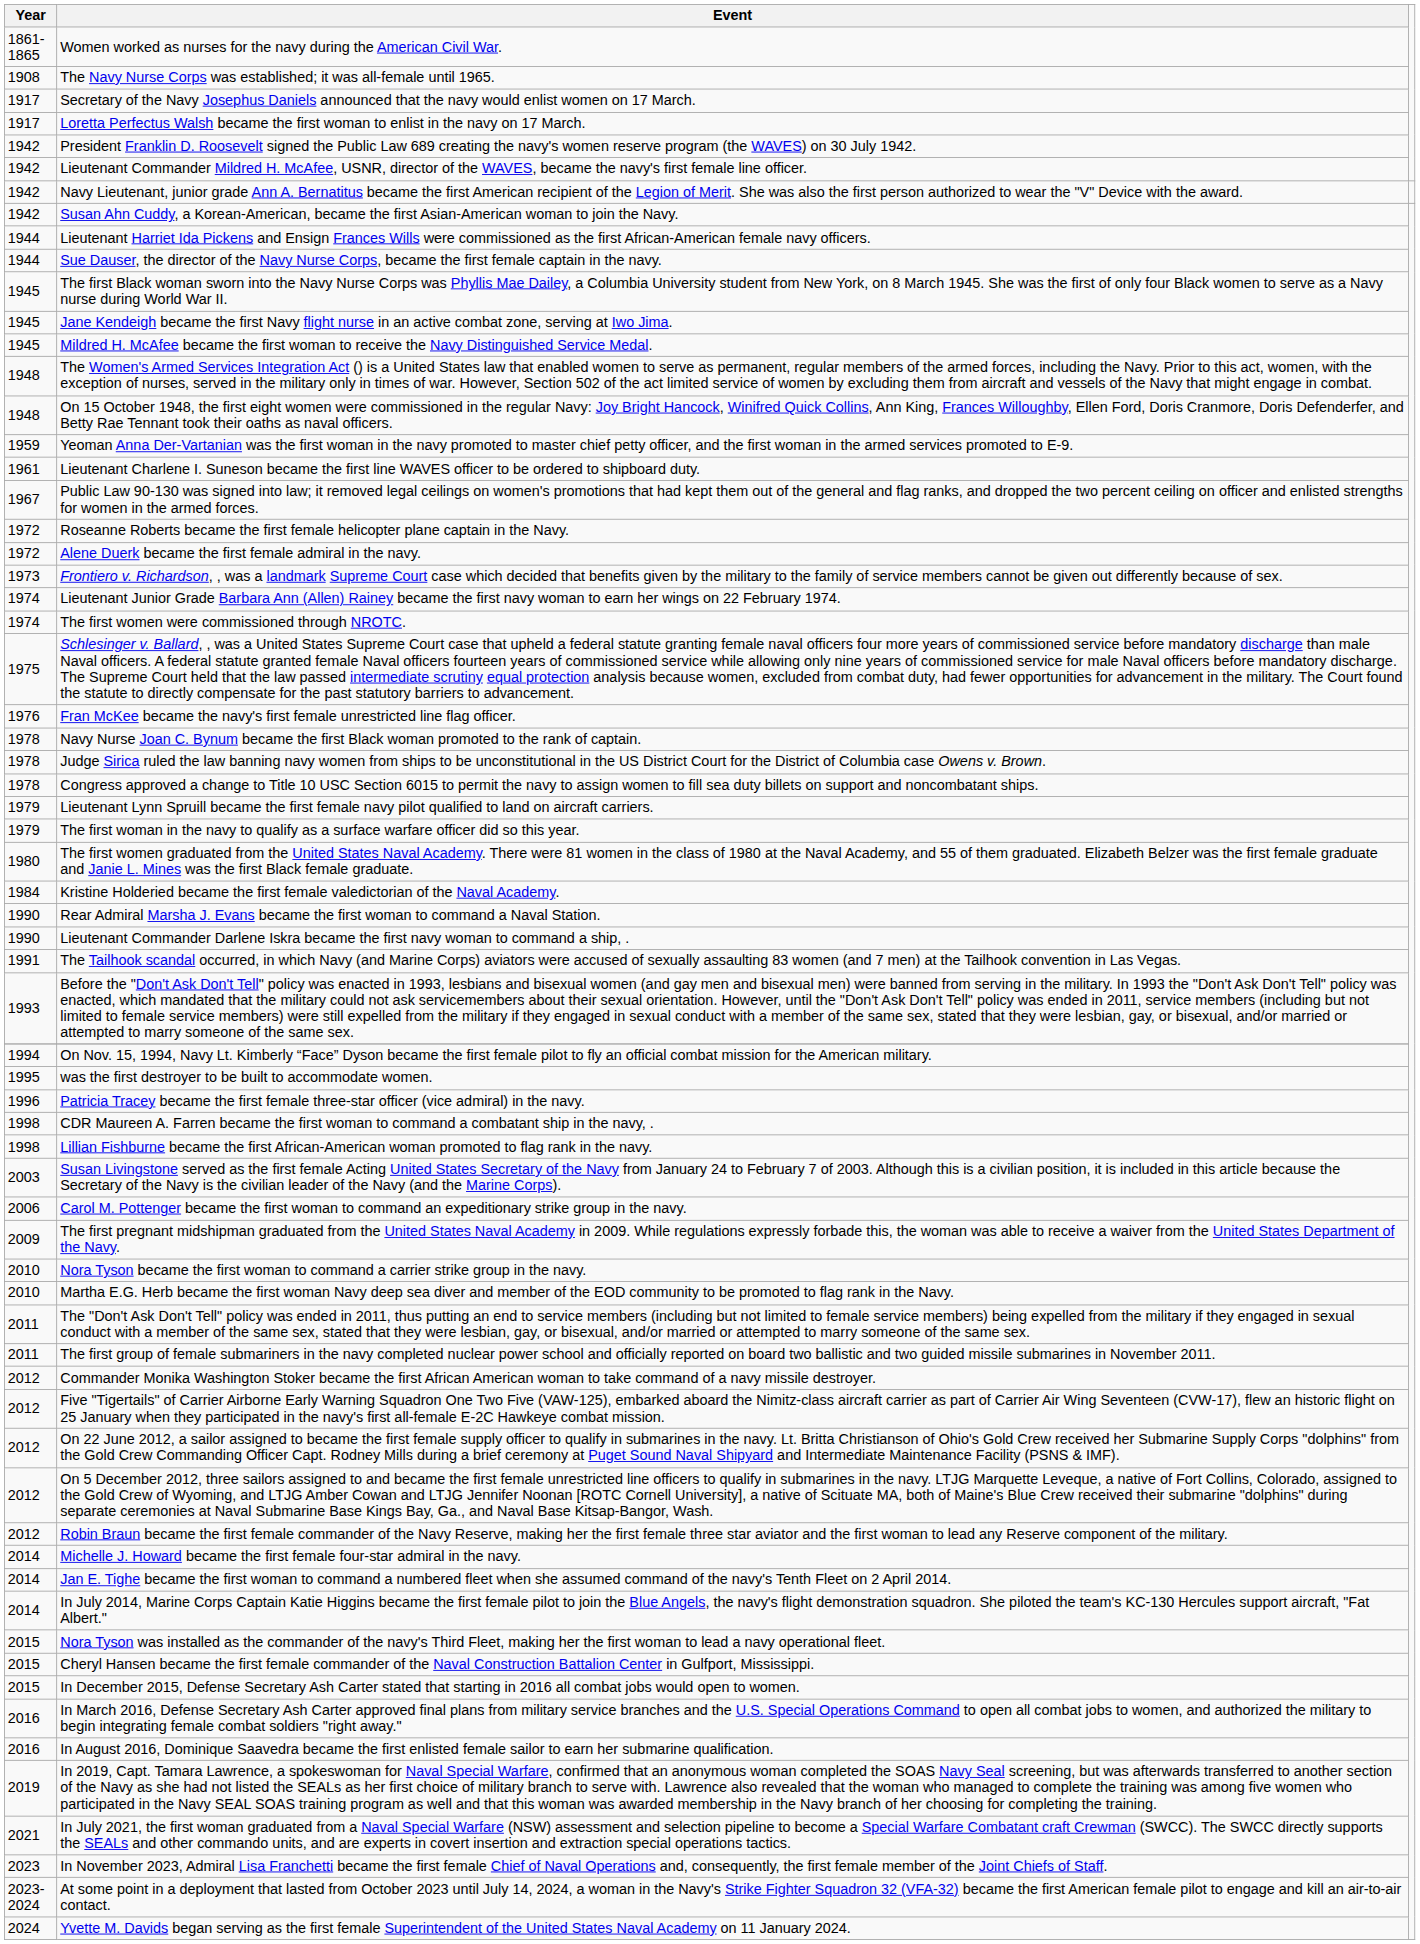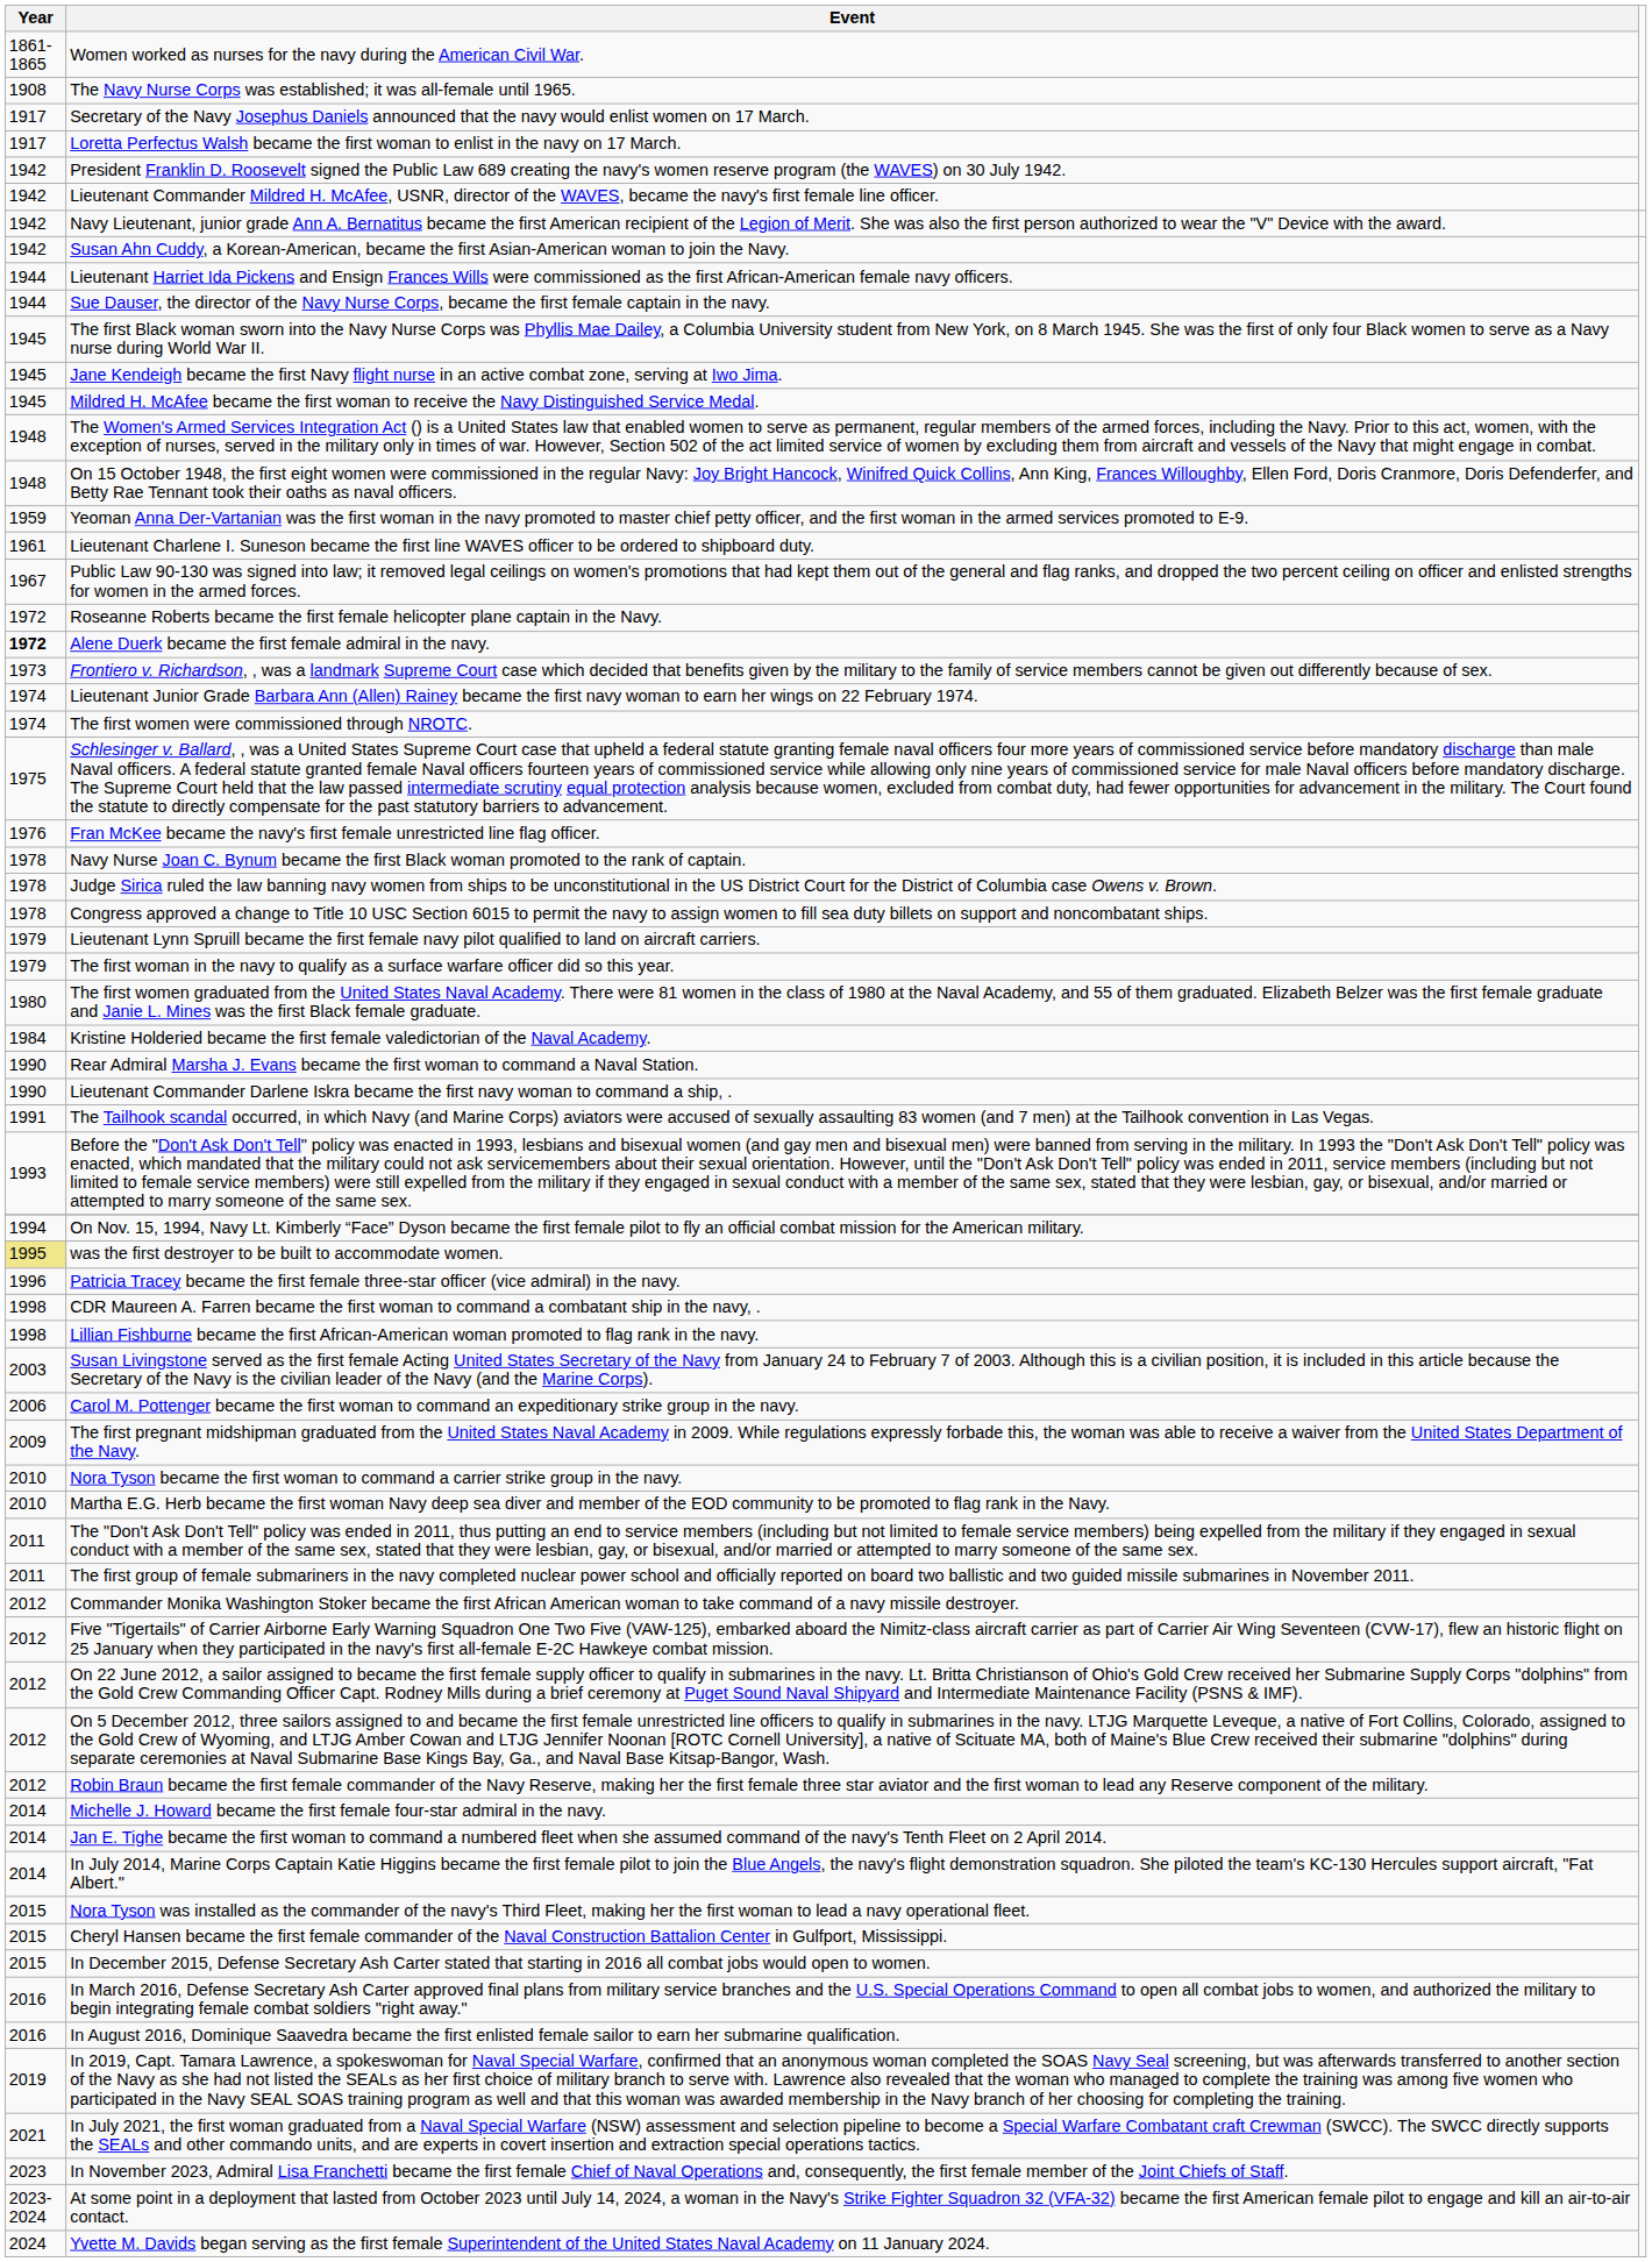 <table class="wikitable">
 <tr>
 <th>Year</th>
 <th>Event</th>
 </tr>
 <tr>
 <td>1861-1865</td>
 <td>Women worked as nurses for the navy during the <a href='#'>American Civil War</a>.</td>
 </tr>
 <tr>
 <td>1908</td>
 <td>The <a href='#'>Navy Nurse Corps</a> was established; it was all-female until 1965.</td>
 </tr>
 <tr>
 <td>1917</td>
 <td>Secretary of the Navy <a href='#'>Josephus Daniels</a> announced that the navy would enlist women on 17 March.</td>
 </tr>
 <tr>
 <td>1917</td>
 <td><a href='#'>Loretta Perfectus Walsh</a> became the first woman to enlist in the navy on 17 March.</td>
 </tr>
 <tr>
 <td>1942</td>
 <td>President <a href='#'>Franklin D. Roosevelt</a> signed the Public Law 689 creating the navy's women reserve program (the <a href='#'>WAVES</a>) on 30 July 1942.</td>
 </tr>
 <tr>
 <td>1942</td>
 <td>Lieutenant Commander <a href='#'>Mildred H. McAfee</a>, USNR, director of the <a href='#'>WAVES</a>, became the navy's first female line officer.</td>
 </tr>
 <tr>
 <td>1942</td>
 <td>Navy Lieutenant, junior grade <a href='#'>Ann A. Bernatitus</a> became the first American recipient of the <a href='#'>Legion of Merit</a>. She was also the first person authorized to wear the "V" Device with the award.</td>
 <td></td>
 </tr>
 <tr>
 <td>1942</td>
 <td><a href='#'>Susan Ahn Cuddy</a>, a Korean-American, became the first Asian-American woman to join the Navy.</td>
 </tr>
 <tr>
 <td>1944</td>
 <td>Lieutenant <a href='#'>Harriet Ida Pickens</a> and Ensign <a href='#'>Frances Wills</a> were commissioned as the first African-American female navy officers.</td>
 </tr>
 <tr>
 <td>1944</td>
 <td><a href='#'>Sue Dauser</a>, the director of the <a href='#'>Navy Nurse Corps</a>, became the first female captain in the navy.</td>
 </tr>
 <tr>
 <td>1945</td>
 <td>The first Black woman sworn into the Navy Nurse Corps was <a href='#'>Phyllis Mae Dailey</a>, a Columbia University student from New York, on 8 March 1945. She was the first of only four Black women to serve as a Navy nurse during World War II.</td>
 </tr>
 <tr>
 <td>1945</td>
 <td><a href='#'>Jane Kendeigh</a> became the first Navy <a href='#'>flight nurse</a> in an active combat zone, serving at <a href='#'>Iwo Jima</a>.</td>
 </tr>
 <tr>
 <td>1945</td>
 <td><a href='#'>Mildred H. McAfee</a> became the first woman to receive the <a href='#'>Navy Distinguished Service Medal</a>.</td>
 </tr>
 <tr>
 <td>1948</td>
 <td>The <a href='#'>Women's Armed Services Integration Act</a> () is a United States law that enabled women to serve as permanent, regular members of the armed forces, including the Navy. Prior to this act, women, with the exception of nurses, served in the military only in times of war. However, Section 502 of the act limited service of women by excluding them from aircraft and vessels of the Navy that might engage in combat.</td>
 </tr>
 <tr>
 <td>1948</td>
 <td>On 15 October 1948, the first eight women were commissioned in the regular Navy: <a href='#'>Joy Bright Hancock</a>, <a href='#'>Winifred Quick Collins</a>, Ann King, <a href='#'>Frances Willoughby</a>, Ellen Ford, Doris Cranmore, Doris Defenderfer, and Betty Rae Tennant took their oaths as naval officers.</td>
 </tr>
 <tr>
 <td>1959</td>
 <td>Yeoman <a href='#'>Anna Der-Vartanian</a> was the first woman in the navy promoted to master chief petty officer, and the first woman in the armed services promoted to E-9.</td>
 </tr>
 <tr>
 <td>1961</td>
 <td>Lieutenant Charlene I. Suneson became the first line WAVES officer to be ordered to shipboard duty.</td>
 </tr>
 <tr>
 <td>1967</td>
 <td>Public Law 90-130 was signed into law; it removed legal ceilings on women's promotions that had kept them out of the general and flag ranks, and dropped the two percent ceiling on officer and enlisted strengths for women in the armed forces.</td>
 </tr>
 <tr>
 <td>1972</td>
 <td>Roseanne Roberts became the first female helicopter plane captain in the Navy.</td>
 </tr>
 <tr>
-<td>1972</td>
+<td><strong>1972</strong></td>
 <td><a href='#'>Alene Duerk</a> became the first female admiral in the navy.</td>
 </tr>
 <tr>
 <td>1973</td>
 <td><em><a href='#'>Frontiero v. Richardson</a></em>, , was a <a href='#'>landmark</a> <a href='#'>Supreme Court</a> case which decided that benefits given by the military to the family of service members cannot be given out differently because of sex.</td>
 </tr>
 <tr>
 <td>1974</td>
 <td>Lieutenant Junior Grade <a href='#'>Barbara Ann (Allen) Rainey</a> became the first navy woman to earn her wings on 22 February 1974.</td>
 </tr>
 <tr>
 <td>1974</td>
 <td>The first women were commissioned through <a href='#'>NROTC</a>.</td>
 </tr>
 <tr>
 <td>1975</td>
 <td><em><a href='#'>Schlesinger v. Ballard</a></em>, , was a United States Supreme Court case that upheld a federal statute granting female naval officers four more years of commissioned service before mandatory <a href='#'>discharge</a> than male Naval officers. A federal statute granted female Naval officers fourteen years of commissioned service while allowing only nine years of commissioned service for male Naval officers before mandatory discharge. The Supreme Court held that the law passed <a href='#'>intermediate scrutiny</a> <a href='#'>equal protection</a> analysis because women, excluded from combat duty, had fewer opportunities for advancement in the military. The Court found the statute to directly compensate for the past statutory barriers to advancement.</td>
 </tr>
 <tr>
 <td>1976</td>
 <td><a href='#'>Fran McKee</a> became the navy's first female unrestricted line flag officer.</td>
 </tr>
 <tr>
 <td>1978</td>
 <td>Navy Nurse <a href='#'>Joan C. Bynum</a> became the first Black woman promoted to the rank of captain.</td>
 </tr>
 <tr>
 <td>1978</td>
 <td>Judge <a href='#'>Sirica</a> ruled the law banning navy women from ships to be unconstitutional in the US District Court for the District of Columbia case <em>Owens v. Brown</em>.</td>
 </tr>
 <tr>
 <td>1978</td>
 <td>Congress approved a change to Title 10 USC Section 6015 to permit the navy to assign women to fill sea duty billets on support and noncombatant ships.</td>
 </tr>
 <tr>
 <td>1979</td>
 <td>Lieutenant Lynn Spruill became the first female navy pilot qualified to land on aircraft carriers.</td>
 </tr>
 <tr>
 <td>1979</td>
 <td>The first woman in the navy to qualify as a surface warfare officer did so this year.</td>
 </tr>
 <tr>
 <td>1980</td>
 <td>The first women graduated from the <a href='#'>United States Naval Academy</a>. There were 81 women in the class of 1980 at the Naval Academy, and 55 of them graduated. Elizabeth Belzer was the first female graduate and <a href='#'>Janie L. Mines</a> was the first Black female graduate.</td>
 </tr>
 <tr>
 <td>1984</td>
 <td>Kristine Holderied became the first female valedictorian of the <a href='#'>Naval Academy</a>.</td>
 </tr>
 <tr>
 <td>1990</td>
 <td>Rear Admiral <a href='#'>Marsha J. Evans</a> became the first woman to command a Naval Station.</td>
 </tr>
 <tr>
 <td>1990</td>
 <td>Lieutenant Commander Darlene Iskra  became the first navy woman to command a ship, .</td>
 </tr>
 <tr>
 <td>1991</td>
 <td>The <a href='#'>Tailhook scandal</a> occurred, in which Navy (and Marine Corps) aviators were accused of sexually assaulting 83 women (and 7 men) at the Tailhook convention in Las Vegas.</td>
 </tr>
 <tr>
 <td>1993</td>
 <td>Before the "<a href='#'>Don't Ask Don't Tell</a>" policy was enacted in 1993, lesbians and bisexual women (and gay men and bisexual men) were banned from serving in the military. In 1993 the "Don't Ask Don't Tell" policy was enacted, which mandated that the military could not ask servicemembers about their sexual orientation. However, until the "Don't Ask Don't Tell" policy was ended in 2011, service members (including but not limited to female service members) were still expelled from the military if they engaged in sexual conduct with a member of the same sex, stated that they were lesbian, gay, or bisexual, and/or married or attempted to marry someone of the same sex.</td>
 </tr>
 <tr>
 </tr>
 <tr>
 <td>1994</td>
 <td>On Nov. 15, 1994, Navy Lt. Kimberly “Face” Dyson became the first female pilot to fly an official combat mission for the American military.</td>
 </tr>
 <tr>
-<td>1995</td>
+<td style="background: khaki;">1995</td>
 <td> was the first destroyer to be built to accommodate women.</td>
 </tr>
 <tr>
 <td>1996</td>
 <td><a href='#'>Patricia Tracey</a> became the first female three-star officer (vice admiral) in the navy.</td>
 </tr>
 <tr>
 <td>1998</td>
 <td>CDR Maureen A. Farren became the first woman to command a combatant ship in the navy, .</td>
 </tr>
 <tr>
 <td>1998</td>
 <td><a href='#'>Lillian Fishburne</a> became the first African-American woman promoted to flag rank in the navy.</td>
 </tr>
 <tr>
 <td>2003</td>
 <td><a href='#'>Susan Livingstone</a> served as the first female Acting <a href='#'>United States Secretary of the Navy</a> from January 24 to February 7 of 2003. Although this is a civilian position, it is included in this article because the Secretary of the Navy is the civilian leader of the Navy (and the <a href='#'>Marine Corps</a>).</td>
 </tr>
 <tr>
 <td>2006</td>
 <td><a href='#'>Carol M. Pottenger</a> became the first woman to command an expeditionary strike group in the navy.</td>
 </tr>
 <tr>
 <td>2009</td>
 <td>The first pregnant midshipman graduated from the <a href='#'>United States Naval Academy</a> in 2009. While regulations expressly forbade this, the woman was able to receive a waiver from the <a href='#'>United States Department of the Navy</a>.</td>
 </tr>
 <tr>
 <td>2010</td>
 <td><a href='#'>Nora Tyson</a> became the first woman to command a carrier strike group in the navy.</td>
 </tr>
 <tr>
 <td>2010</td>
 <td>Martha E.G. Herb became the first woman Navy deep sea diver and member of the EOD community to be promoted to flag rank in the Navy.</td>
 </tr>
 <tr>
 <td>2011</td>
 <td>The "Don't Ask Don't Tell" policy was ended in 2011, thus putting an end to service members (including but not limited to female service members) being expelled from the military if they engaged in sexual conduct with a member of the same sex, stated that they were lesbian, gay, or bisexual, and/or married or attempted to marry someone of the same sex.</td>
 </tr>
 <tr>
 <td>2011</td>
 <td>The first group of female submariners in the navy completed nuclear power school and officially reported on board two ballistic and two guided missile submarines in November 2011.</td>
 </tr>
 <tr>
 <td>2012</td>
 <td>Commander Monika Washington Stoker became the first African American woman to take command of a navy missile destroyer.</td>
 </tr>
 <tr>
 <td>2012</td>
 <td>Five "Tigertails" of Carrier Airborne Early Warning Squadron One Two Five (VAW-125), embarked aboard the Nimitz-class aircraft carrier  as part of Carrier Air Wing Seventeen (CVW-17), flew an historic flight on 25 January when they participated in the navy's first all-female E-2C Hawkeye combat mission.</td>
 </tr>
 <tr>
 <td>2012</td>
 <td>On 22 June 2012, a sailor assigned to  became the first female supply officer to qualify in submarines in the navy. Lt. Britta Christianson of Ohio's Gold Crew received her Submarine Supply Corps "dolphins" from the Gold Crew Commanding Officer Capt. Rodney Mills during a brief ceremony at <a href='#'>Puget Sound Naval Shipyard</a> and Intermediate Maintenance Facility (PSNS & IMF).</td>
 </tr>
 <tr>
 <td>2012</td>
 <td>On 5 December 2012, three sailors assigned to  and  became the first female unrestricted line officers to qualify in submarines in the navy. LTJG Marquette Leveque, a native of Fort Collins, Colorado, assigned to the Gold Crew of Wyoming, and LTJG Amber Cowan and LTJG Jennifer Noonan [ROTC Cornell University], a native of Scituate MA, both of Maine's Blue Crew received their submarine "dolphins" during separate ceremonies at Naval Submarine Base Kings Bay, Ga., and Naval Base Kitsap-Bangor, Wash.</td>
 </tr>
 <tr>
 <td>2012</td>
 <td><a href='#'>Robin Braun</a> became the first female commander of the Navy Reserve, making her the first female three star aviator and the first woman to lead any Reserve component of the military.</td>
 </tr>
 <tr>
 <td>2014</td>
 <td><a href='#'>Michelle J. Howard</a> became the first female four-star admiral in the navy.</td>
 </tr>
 <tr>
 <td>2014</td>
 <td><a href='#'>Jan E. Tighe</a> became the first woman to command a numbered fleet when she assumed command of the navy's Tenth Fleet on 2 April 2014.</td>
 </tr>
 <tr>
 <td>2014</td>
 <td>In July 2014, Marine Corps Captain Katie Higgins became the first female pilot to join the <a href='#'>Blue Angels</a>, the navy's flight demonstration squadron. She piloted the team's KC-130 Hercules support aircraft, "Fat Albert."</td>
 </tr>
 <tr>
 <td>2015</td>
 <td><a href='#'>Nora Tyson</a> was installed as the commander of the navy's Third Fleet, making her the first woman to lead a navy operational fleet.</td>
 </tr>
 <tr>
 <td>2015</td>
 <td>Cheryl Hansen became the first female commander of the <a href='#'>Naval Construction Battalion Center</a> in Gulfport, Mississippi.</td>
 </tr>
 <tr>
 <td>2015</td>
 <td>In December 2015, Defense Secretary Ash Carter stated that starting in 2016 all combat jobs would open to women.</td>
 </tr>
 <tr>
 <td>2016</td>
 <td>In March 2016, Defense Secretary Ash Carter approved final plans from military service branches and the <a href='#'>U.S. Special Operations Command</a> to open all combat jobs to women, and authorized the military to begin integrating female combat soldiers "right away."</td>
 </tr>
 <tr>
 <td>2016</td>
 <td>In August 2016, Dominique Saavedra became the first enlisted female sailor to earn her submarine qualification.</td>
 </tr>
 <tr>
 <td>2019</td>
 <td>In 2019, Capt. Tamara Lawrence, a spokeswoman for <a href='#'>Naval Special Warfare</a>, confirmed that an anonymous woman completed the SOAS <a href='#'>Navy Seal</a> screening, but was afterwards transferred to another section of the Navy as she had not listed the SEALs as her first choice of military branch to serve with. Lawrence also revealed that the woman who managed to complete the training was among five women who participated in the Navy SEAL SOAS training program as well and that this woman was awarded membership in the Navy branch of her choosing for completing the training.</td>
 </tr>
 <tr>
 <td>2021</td>
 <td>In July 2021, the first woman graduated from a <a href='#'>Naval Special Warfare</a> (NSW) assessment and selection pipeline to become a <a href='#'>Special Warfare Combatant craft Crewman</a> (SWCC). The SWCC directly supports the <a href='#'>SEALs</a> and other commando units, and are experts in covert insertion and extraction special operations tactics.</td>
 </tr>
 <tr>
 <td>2023</td>
 <td>In November 2023, Admiral <a href='#'>Lisa Franchetti</a> became the first female <a href='#'>Chief of Naval Operations</a> and, consequently, the first female member of the <a href='#'>Joint Chiefs of Staff</a>.</td>
 </tr>
 <tr>
 <td>2023-2024</td>
 <td>At some point in a deployment that lasted from October 2023 until July 14, 2024, a woman in the Navy's <a href='#'>Strike Fighter Squadron 32 (VFA-32)</a> became the first American female pilot to engage and kill an air-to-air contact.</td>
 </tr>
 <tr>
 <td>2024</td>
 <td><a href='#'>Yvette M. Davids</a> began serving as the first female <a href='#'>Superintendent of the United States Naval Academy</a> on 11 January 2024.</td>
 </tr>
 </table>
